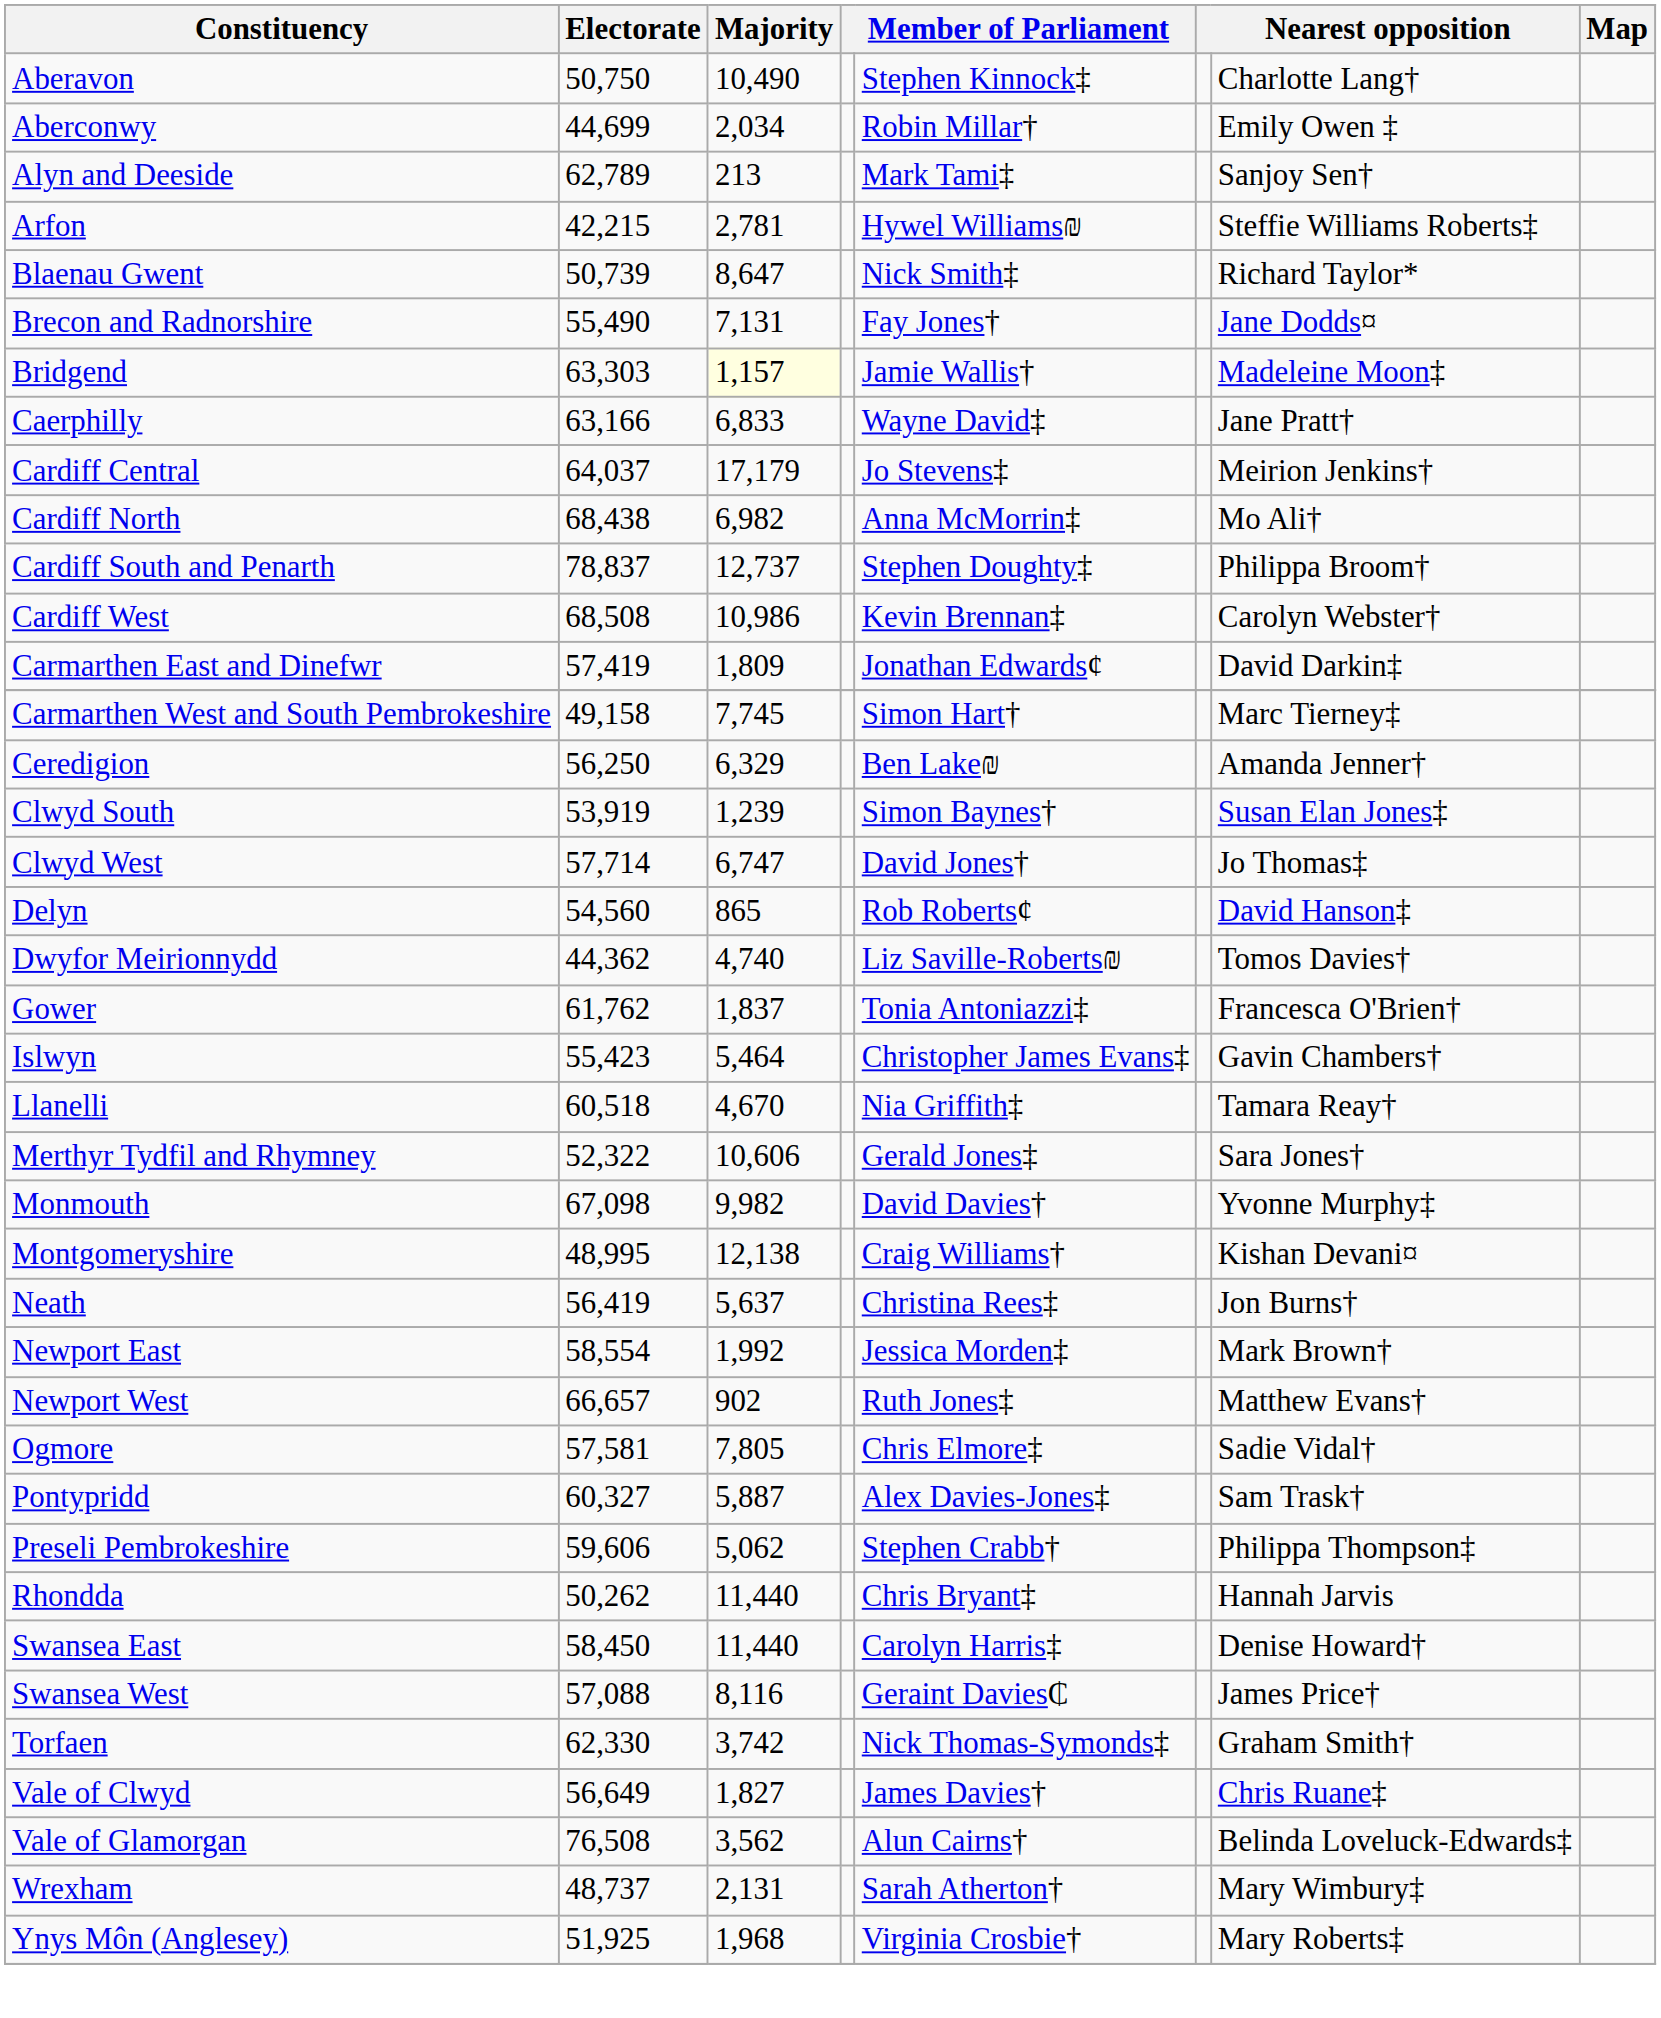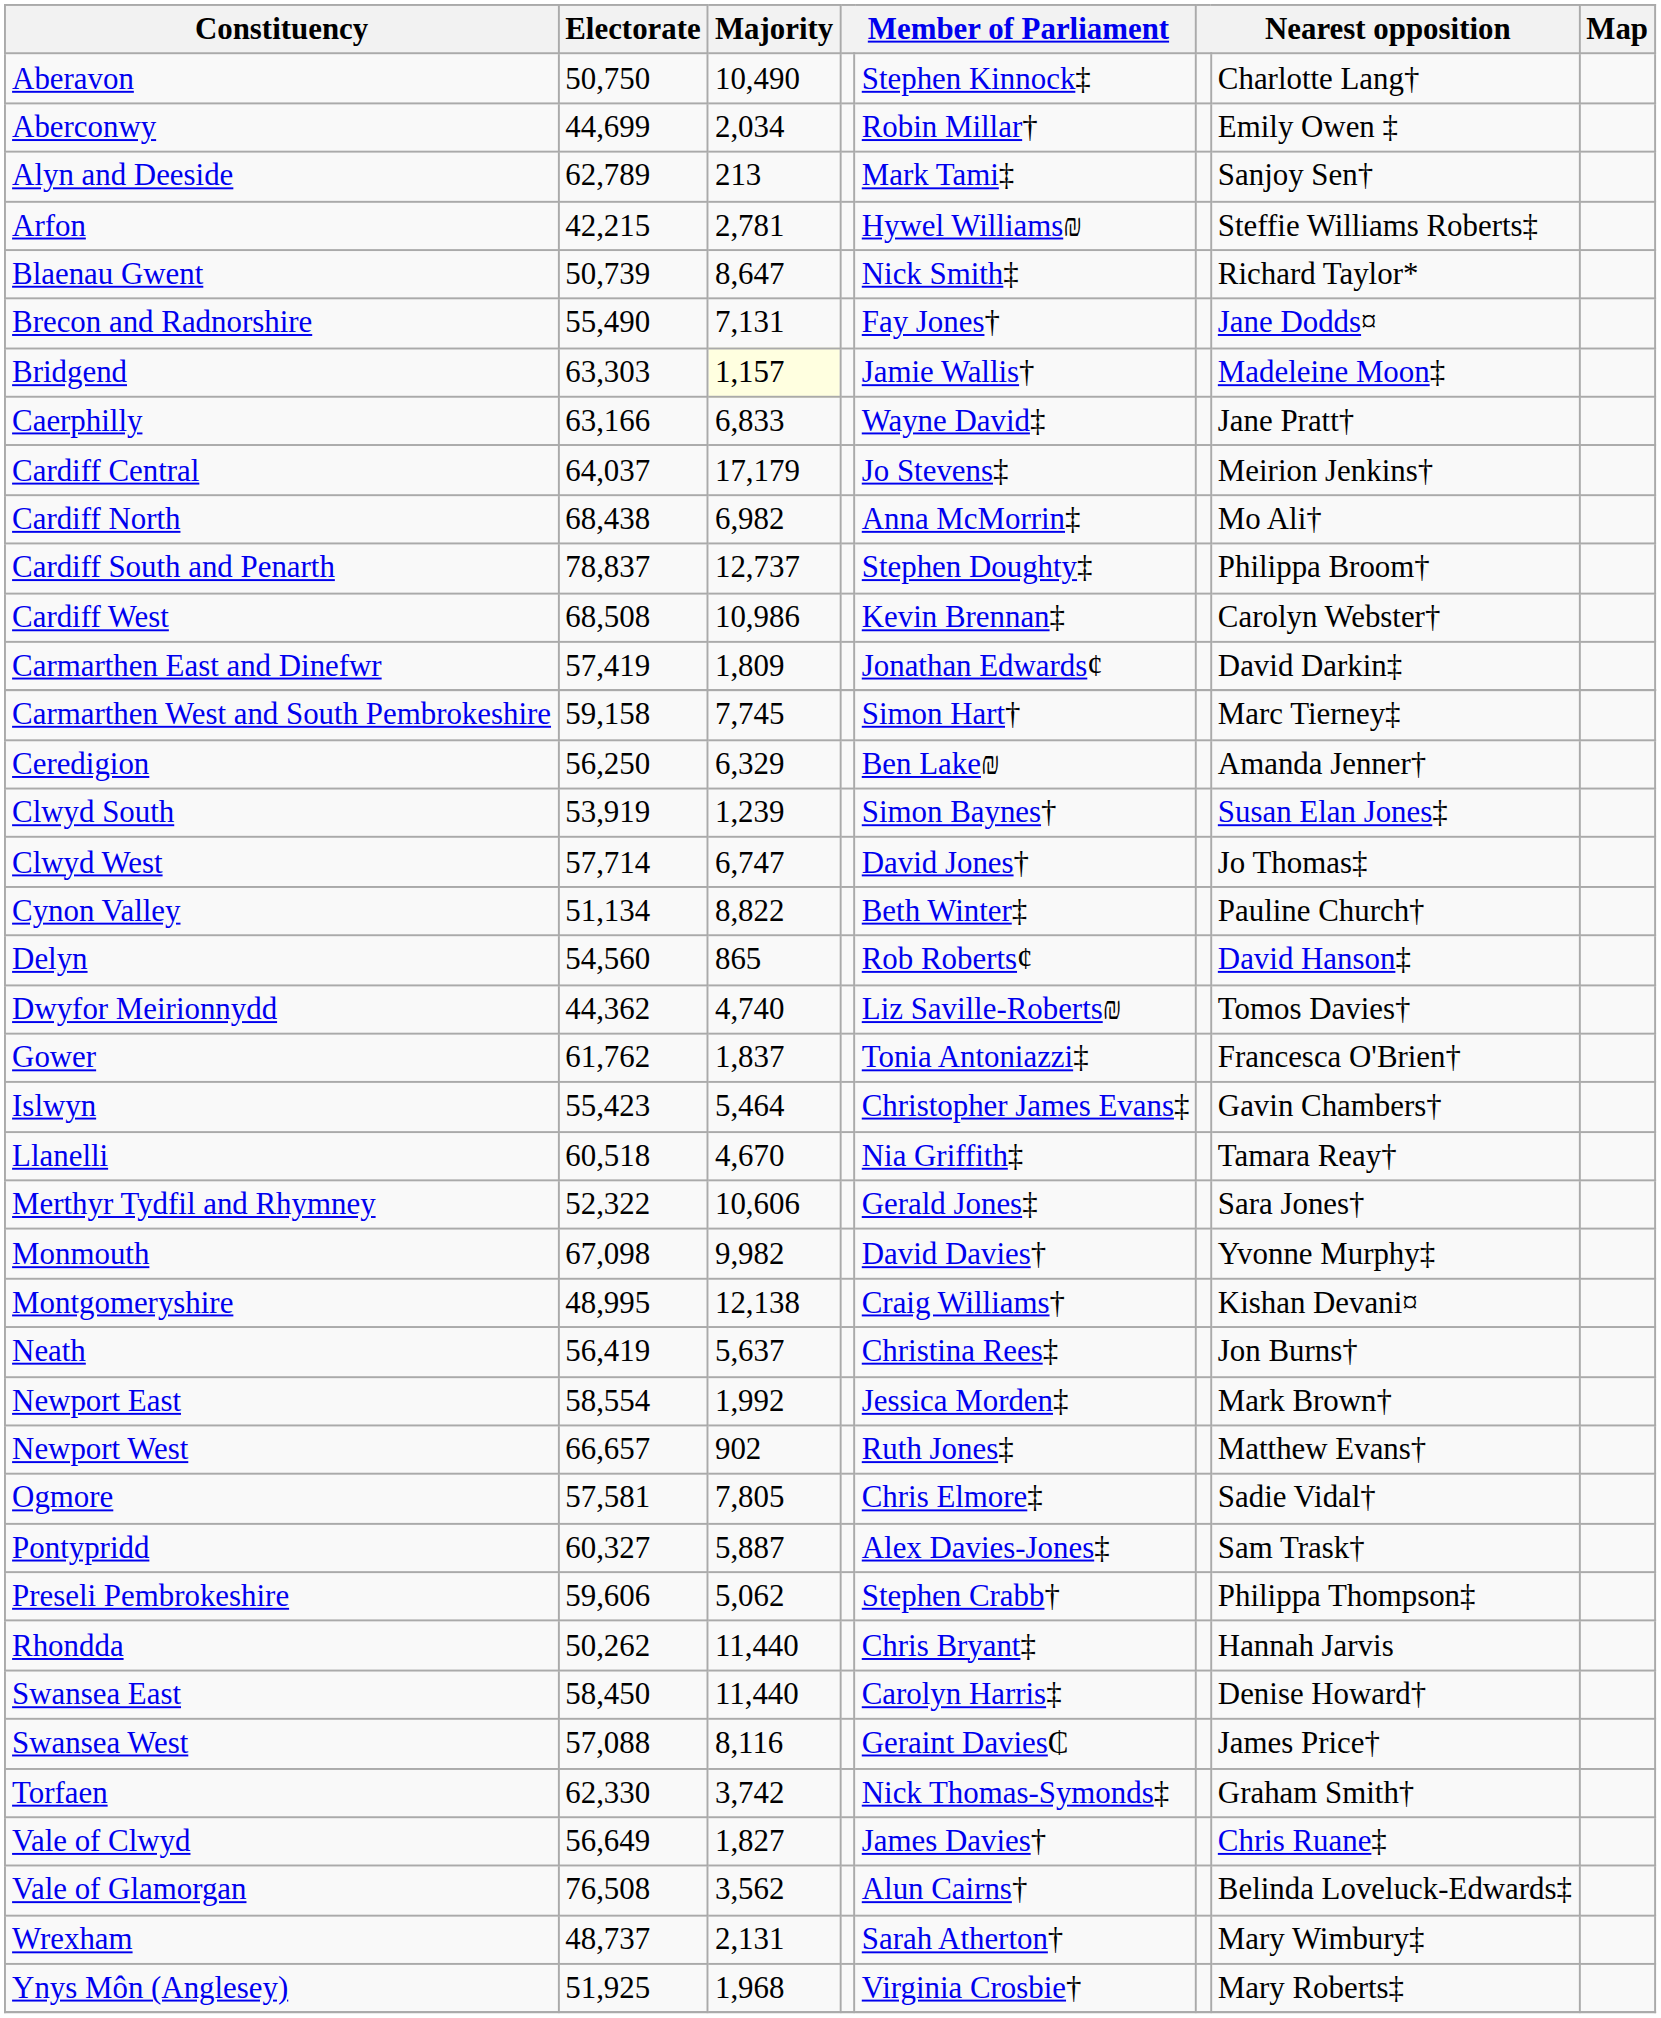 <table class="wikitable sortable">
 <tr>
 <th>Constituency</th>
 <th rowspan=1>Electorate</th>
 <th rowspan=1>Majority</th>
 <th colspan=2><a href='#'>Member of Parliament</a></th>
 <th colspan=2>Nearest opposition</th>
 <th rowspan=1 class=unsortable>Map</th>
 </tr>
 <tr>
 <td><a href='#'>Aberavon</a></td>
 <td>50,750</td>
 <td>10,490</td>
 <td></td>
 <td><a href='#'>Stephen Kinnock</a>‡</td>
 <td></td>
 <td>Charlotte Lang†</td>
 <td></td>
 </tr>
 <tr>
 <td><a href='#'>Aberconwy</a></td>
 <td>44,699</td>
 <td>2,034</td>
 <td></td>
 <td><a href='#'>Robin Millar</a>†</td>
 <td></td>
 <td>Emily Owen ‡</td>
 <td></td>
 </tr>
 <tr>
 <td><a href='#'>Alyn and Deeside</a></td>
 <td>62,789</td>
 <td>213</td>
 <td></td>
 <td><a href='#'>Mark Tami</a>‡</td>
 <td></td>
 <td>Sanjoy Sen†</td>
 <td></td>
 </tr>
 <tr>
 <td><a href='#'>Arfon</a></td>
 <td>42,215</td>
 <td>2,781</td>
 <td bgcolor=></td>
 <td><a href='#'>Hywel Williams</a>₪</td>
 <td></td>
 <td>Steffie Williams Roberts‡</td>
 <td></td>
 </tr>
 <tr>
 <td><a href='#'>Blaenau Gwent</a></td>
 <td>50,739</td>
 <td>8,647</td>
 <td></td>
 <td><a href='#'>Nick Smith</a>‡</td>
 <td></td>
 <td>Richard Taylor*</td>
 <td></td>
 </tr>
 <tr>
 <td><a href='#'>Brecon and Radnorshire</a></td>
 <td>55,490</td>
 <td>7,131</td>
 <td></td>
 <td><a href='#'>Fay Jones</a>†</td>
 <td></td>
 <td><a href='#'>Jane Dodds</a>¤</td>
 <td></td>
 </tr>
 <tr>
 <td><a href='#'>Bridgend</a></td>
 <td>63,303</td>
 <td style="background: lightyellow;">1,157</td>
 <td></td>
 <td><a href='#'>Jamie Wallis</a>†</td>
 <td></td>
 <td><a href='#'>Madeleine Moon</a>‡</td>
 <td></td>
 </tr>
 <tr>
 <td><a href='#'>Caerphilly</a></td>
 <td>63,166</td>
 <td>6,833</td>
 <td></td>
 <td><a href='#'>Wayne David</a>‡</td>
 <td></td>
 <td>Jane Pratt†</td>
 <td></td>
 </tr>
 <tr>
 <td><a href='#'>Cardiff Central</a></td>
 <td>64,037</td>
 <td>17,179</td>
 <td></td>
 <td><a href='#'>Jo Stevens</a>‡</td>
 <td></td>
 <td>Meirion Jenkins†</td>
 <td></td>
 </tr>
 <tr>
 <td><a href='#'>Cardiff North</a></td>
 <td>68,438</td>
 <td>6,982</td>
 <td></td>
 <td><a href='#'>Anna McMorrin</a>‡</td>
 <td></td>
 <td>Mo Ali†</td>
 <td></td>
 </tr>
 <tr>
 <td><a href='#'>Cardiff South and Penarth</a></td>
 <td>78,837</td>
 <td>12,737</td>
 <td></td>
 <td><a href='#'>Stephen Doughty</a>‡</td>
 <td></td>
 <td>Philippa Broom†</td>
 <td></td>
 </tr>
 <tr>
 <td><a href='#'>Cardiff West</a></td>
 <td>68,508</td>
 <td>10,986</td>
 <td></td>
 <td><a href='#'>Kevin Brennan</a>‡</td>
 <td></td>
 <td>Carolyn Webster†</td>
 <td></td>
 </tr>
 <tr>
 <td><a href='#'>Carmarthen East and Dinefwr</a></td>
 <td>57,419</td>
 <td>1,809</td>
 <td style="color:inherit;background:"></td>
 <td><a href='#'>Jonathan Edwards</a>¢</td>
 <td style="color:inherit;background:"></td>
 <td>David Darkin‡</td>
 <td></td>
 </tr>
 <tr>
 </tr>
 <tr>
 <td><a href='#'>Carmarthen West and South Pembrokeshire</a></td>
-<td>49,158</td>
+<td>59,158</td>
 <td>7,745</td>
 <td style="color:inherit;background:"></td>
 <td><a href='#'>Simon Hart</a>†</td>
 <td style="color:inherit;background:"></td>
 <td>Marc Tierney‡</td>
 <td></td>
 </tr>
 <tr>
 <td><a href='#'>Ceredigion</a></td>
 <td>56,250</td>
 <td>6,329</td>
 <td style="color:inherit;background:"></td>
 <td><a href='#'>Ben Lake</a>₪</td>
 <td style="color:inherit;background:"></td>
 <td>Amanda Jenner†</td>
 <td></td>
 </tr>
 <tr>
 <td><a href='#'>Clwyd South</a></td>
 <td>53,919</td>
 <td>1,239</td>
 <td style="color:inherit;background:"></td>
 <td><a href='#'>Simon Baynes</a>†</td>
 <td style="color:inherit;background:"></td>
 <td><a href='#'>Susan Elan Jones</a>‡</td>
 <td></td>
 </tr>
 <tr>
 <td><a href='#'>Clwyd West</a></td>
 <td>57,714</td>
 <td>6,747</td>
 <td style="color:inherit;background:"></td>
 <td><a href='#'>David Jones</a>†</td>
 <td style="color:inherit;background:"></td>
 <td>Jo Thomas‡</td>
+<td></td>
+</tr>
+<tr>
+<td><a href='#'>Cynon Valley</a></td>
+<td>51,134</td>
+<td>8,822</td>
+<td style="color:inherit;background:"></td>
+<td><a href='#'>Beth Winter</a>‡</td>
+<td style="color:inherit;background:"></td>
+<td>Pauline Church†</td>
 <td></td>
 </tr>
 <tr>
 <td><a href='#'>Delyn</a></td>
 <td>54,560</td>
 <td>865</td>
 <td style="color:inherit;background:"></td>
 <td><a href='#'>Rob Roberts</a>¢</td>
 <td style="color:inherit;background:"></td>
 <td><a href='#'>David Hanson</a>‡</td>
 <td></td>
 </tr>
 <tr>
 <td><a href='#'>Dwyfor Meirionnydd</a></td>
 <td>44,362</td>
 <td>4,740</td>
 <td style="color:inherit;background:"></td>
 <td><a href='#'>Liz Saville-Roberts</a>₪</td>
 <td style="color:inherit;background:"></td>
 <td>Tomos Davies†</td>
 <td></td>
 </tr>
 <tr>
 <td><a href='#'>Gower</a></td>
 <td>61,762</td>
 <td>1,837</td>
 <td style="color:inherit;background:"></td>
 <td><a href='#'>Tonia Antoniazzi</a>‡</td>
 <td style="color:inherit;background:"></td>
 <td>Francesca O'Brien†</td>
 <td></td>
 </tr>
 <tr>
 <td><a href='#'>Islwyn</a></td>
 <td>55,423</td>
 <td>5,464</td>
 <td style="color:inherit;background:"></td>
 <td><a href='#'>Christopher James Evans</a>‡</td>
 <td style="color:inherit;background:"></td>
 <td>Gavin Chambers†</td>
 <td></td>
 </tr>
 <tr>
 <td><a href='#'>Llanelli</a></td>
 <td>60,518</td>
 <td>4,670</td>
 <td style="color:inherit;background:"></td>
 <td><a href='#'>Nia Griffith</a>‡</td>
 <td style="color:inherit;background:"></td>
 <td>Tamara Reay†</td>
 <td></td>
 </tr>
 <tr>
 <td><a href='#'>Merthyr Tydfil and Rhymney</a></td>
 <td>52,322</td>
 <td>10,606</td>
 <td style="color:inherit;background:"></td>
 <td><a href='#'>Gerald Jones</a>‡</td>
 <td style="color:inherit;background:"></td>
 <td>Sara Jones†</td>
 <td></td>
 </tr>
 <tr>
 <td><a href='#'>Monmouth</a></td>
 <td>67,098</td>
 <td>9,982</td>
 <td style="color:inherit;background:"></td>
 <td><a href='#'>David Davies</a>†</td>
 <td style="color:inherit;background:"></td>
 <td>Yvonne Murphy‡</td>
 <td></td>
 </tr>
 <tr>
 <td><a href='#'>Montgomeryshire</a></td>
 <td>48,995</td>
 <td>12,138</td>
 <td style="color:inherit;background:"></td>
 <td><a href='#'>Craig Williams</a>†</td>
 <td style="color:inherit;background:"></td>
 <td>Kishan Devani¤</td>
 <td></td>
 </tr>
 <tr>
 <td><a href='#'>Neath</a></td>
 <td>56,419</td>
 <td>5,637</td>
 <td style="color:inherit;background:"></td>
 <td><a href='#'>Christina Rees</a>‡</td>
 <td style="color:inherit;background:"></td>
 <td>Jon Burns†</td>
 <td></td>
 </tr>
 <tr>
 <td><a href='#'>Newport East</a></td>
 <td>58,554</td>
 <td>1,992</td>
 <td style="color:inherit;background:"></td>
 <td><a href='#'>Jessica Morden</a>‡</td>
 <td style="color:inherit;background:"></td>
 <td>Mark Brown†</td>
 <td></td>
 </tr>
 <tr>
 <td><a href='#'>Newport West</a></td>
 <td>66,657</td>
 <td>902</td>
 <td style="color:inherit;background:"></td>
 <td><a href='#'>Ruth Jones</a>‡</td>
 <td style="color:inherit;background:"></td>
 <td>Matthew Evans†</td>
 <td></td>
 </tr>
 <tr>
 <td><a href='#'>Ogmore</a></td>
 <td>57,581</td>
 <td>7,805</td>
 <td style="color:inherit;background:"></td>
 <td><a href='#'>Chris Elmore</a>‡</td>
 <td style="color:inherit;background:"></td>
 <td>Sadie Vidal†</td>
 <td></td>
 </tr>
 <tr>
 <td><a href='#'>Pontypridd</a></td>
 <td>60,327</td>
 <td>5,887</td>
 <td style="color:inherit;background:"></td>
 <td><a href='#'>Alex Davies-Jones</a>‡</td>
 <td style="color:inherit;background:"></td>
 <td>Sam Trask†</td>
 <td></td>
 </tr>
 <tr>
 <td><a href='#'>Preseli Pembrokeshire</a></td>
 <td>59,606</td>
 <td>5,062</td>
 <td style="color:inherit;background:"></td>
 <td><a href='#'>Stephen Crabb</a>†</td>
 <td style="color:inherit;background:"></td>
 <td>Philippa Thompson‡</td>
 <td></td>
 </tr>
 <tr>
 <td><a href='#'>Rhondda</a></td>
 <td>50,262</td>
 <td>11,440</td>
 <td style="color:inherit;background:"></td>
 <td><a href='#'>Chris Bryant</a>‡</td>
 <td style="color:inherit;background:"></td>
 <td>Hannah Jarvis</td>
 <td></td>
 </tr>
 <tr>
 <td><a href='#'>Swansea East</a></td>
 <td>58,450</td>
 <td>11,440</td>
 <td style="color:inherit;background:"></td>
 <td><a href='#'>Carolyn Harris</a>‡</td>
 <td style="color:inherit;background:"></td>
 <td>Denise Howard†</td>
 <td></td>
 </tr>
 <tr>
 <td><a href='#'>Swansea West</a></td>
 <td>57,088</td>
 <td>8,116</td>
 <td style="color:inherit;background:"></td>
 <td><a href='#'>Geraint Davies</a>₵</td>
 <td style="color:inherit;background:"></td>
 <td>James Price†</td>
 <td></td>
 </tr>
 <tr>
 <td><a href='#'>Torfaen</a></td>
 <td>62,330</td>
 <td>3,742</td>
 <td style="color:inherit;background:"></td>
 <td><a href='#'>Nick Thomas-Symonds</a>‡</td>
 <td style="color:inherit;background:"></td>
 <td>Graham Smith†</td>
 <td></td>
 </tr>
 <tr>
 <td><a href='#'>Vale of Clwyd</a></td>
 <td>56,649</td>
 <td>1,827</td>
 <td style="color:inherit;background:"></td>
 <td><a href='#'>James Davies</a>†</td>
 <td style="color:inherit;background:"></td>
 <td><a href='#'>Chris Ruane</a>‡</td>
 <td></td>
 </tr>
 <tr>
 <td><a href='#'>Vale of Glamorgan</a></td>
 <td>76,508</td>
 <td>3,562</td>
 <td style="color:inherit;background:"></td>
 <td><a href='#'>Alun Cairns</a>†</td>
 <td style="color:inherit;background:"></td>
 <td>Belinda Loveluck-Edwards‡</td>
 <td></td>
 </tr>
 <tr>
 <td><a href='#'>Wrexham</a></td>
 <td>48,737</td>
 <td>2,131</td>
 <td style="color:inherit;background:"></td>
 <td><a href='#'>Sarah Atherton</a>†</td>
 <td style="color:inherit;background:"></td>
 <td>Mary Wimbury‡</td>
 <td></td>
 </tr>
 <tr>
 <td><a href='#'>Ynys Môn (Anglesey)</a></td>
 <td>51,925</td>
 <td>1,968</td>
 <td style="color:inherit;background:"></td>
 <td><a href='#'>Virginia Crosbie</a>†</td>
 <td style="color:inherit;background:"></td>
 <td>Mary Roberts‡</td>
 <td></td>
 </tr>
 <tr>
 </tr>
 </table>
